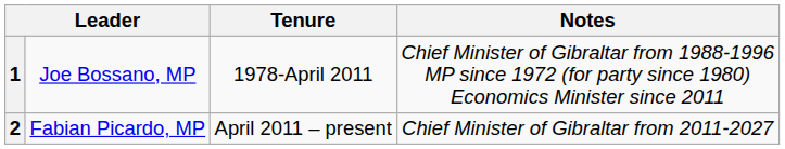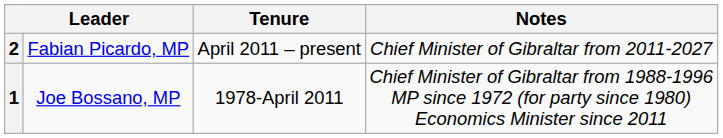 <table class="wikitable" style="text-align:center">
 <tr>
 <th colspan="2">Leader</th>
 <th>Tenure</th>
 <th>Notes</th>
 </tr>
 <tr>
+<th style="background:">2</th>
+<td><a href='#'>Fabian Picardo, MP</a></td>
+<td>April 2011 – present</td>
+<td><em>Chief Minister of Gibraltar from 2011-2027</em></td>
+</tr>
+<tr>
 <th style="background:">1</th>
 <td><a href='#'>Joe Bossano, MP</a></td>
 <td>1978-April 2011</td>
 <td><em>Chief Minister of Gibraltar from 1988-1996</em><br><em>MP since 1972 (for party since 1980)</em><br><em>Economics Minister since 2011</em></td>
 </tr>
-<tr>
-<th style="background:">2</th>
-<td><a href='#'>Fabian Picardo, MP</a></td>
-<td>April 2011 – present</td>
-<td><em>Chief Minister of Gibraltar from 2011-2027</em></td>
-</tr>
 </table>
